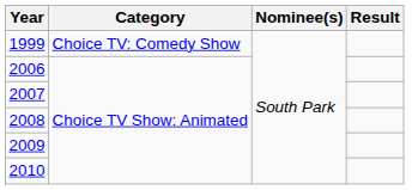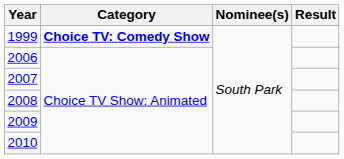 <table class="wikitable">
 <tr>
 <th>Year</th>
 <th>Category</th>
 <th>Nominee(s)</th>
 <th>Result</th>
 </tr>
 <tr>
 <td><a href='#'>1999</a></td>
-<td><a href='#'>Choice TV: Comedy Show</a></td>
+<td><strong><a href='#'>Choice TV: Comedy Show</a></strong></td>
 <td rowspan="6"><em>South Park</em></td>
 <td></td>
 </tr>
 <tr>
 <td><a href='#'>2006</a></td>
 <td rowspan="5"><a href='#'>Choice TV Show: Animated</a></td>
 <td></td>
 </tr>
 <tr>
 <td><a href='#'>2007</a></td>
 <td></td>
 </tr>
 <tr>
 <td><a href='#'>2008</a></td>
 <td></td>
 </tr>
 <tr>
 <td><a href='#'>2009</a></td>
 <td></td>
 </tr>
 <tr>
 <td><a href='#'>2010</a></td>
 <td></td>
 </tr>
 </table>
